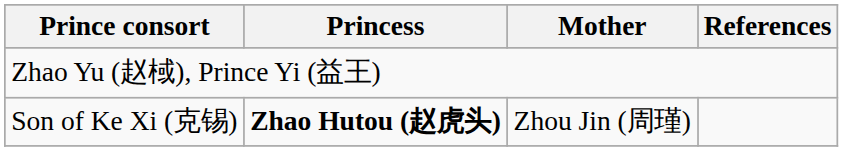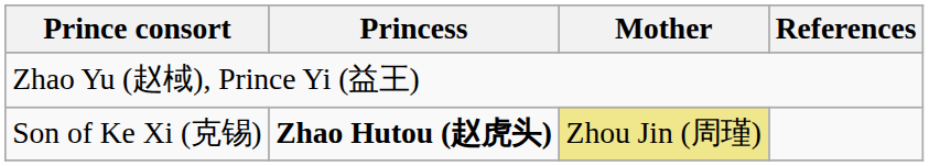 <table class="wikitable">
 <tr>
 <th>Prince consort</th>
 <th>Princess</th>
 <th>Mother</th>
 <th>References</th>
 </tr>
 <tr>
 <td colspan="4">Zhao Yu (赵棫), Prince Yi (益王)</td>
 </tr>
 <tr>
 <td>Son of Ke Xi (克锡)</td>
 <td><strong>Zhao Hutou (赵虎头)</strong></td>
-<td>Zhou Jin (周瑾)</td>
+<td style="background: khaki;">Zhou Jin (周瑾)</td>
 <td></td>
 </tr>
 </table>
